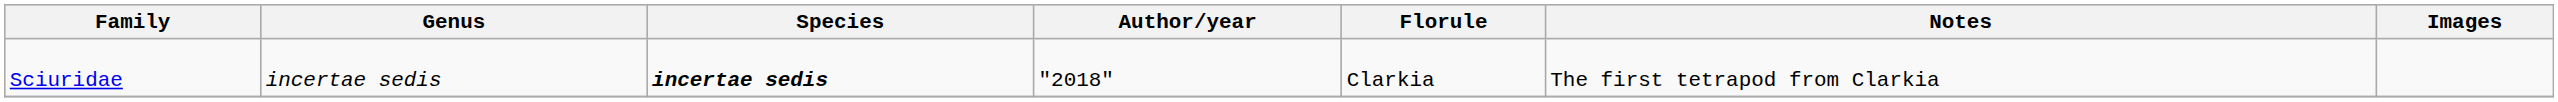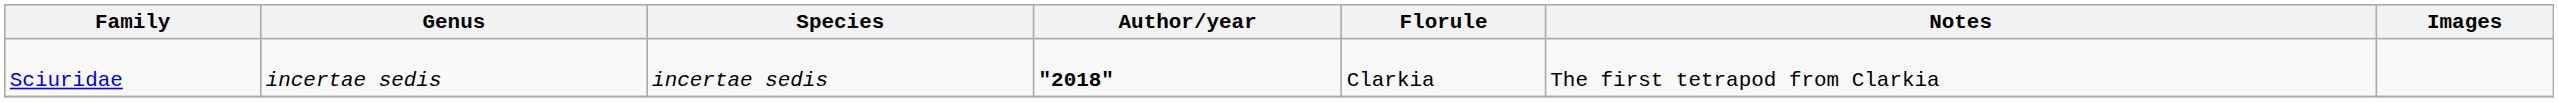 <table class="wikitable sortable mw-collapsible" style="margin:auto; width:100%">
 <tr>
 <th>Family</th>
 <th>Genus</th>
 <th>Species</th>
 <th>Author/year</th>
 <th>Florule</th>
 <th>Notes</th>
 <th>Images</th>
 </tr>
 <tr>
 <td><br><a href='#'>Sciuridae</a></td>
 <td><br><em>incertae sedis</em></td>
-<td><strong><br><em>incertae sedis</em></strong></td>
-<td><br>"2018"</td>
+<td><br><em>incertae sedis</em></td>
+<td><strong><br>"2018"</strong></td>
 <td><br>Clarkia</td>
 <td><br>The first tetrapod from Clarkia</td>
 <td><br></td>
 </tr>
 <tr>
 </tr>
 </table>
